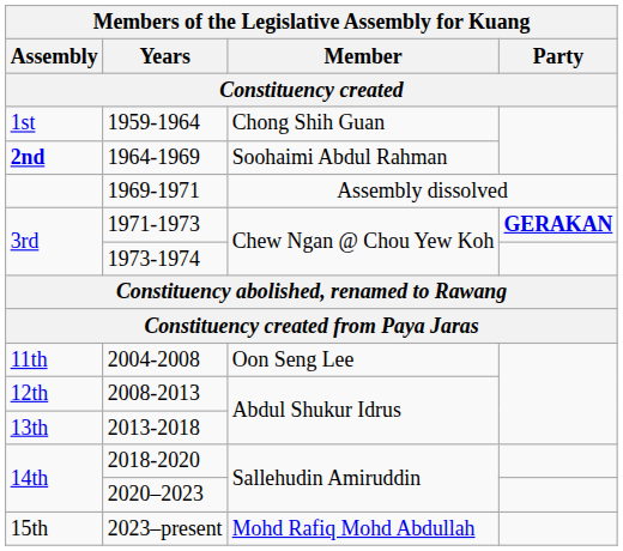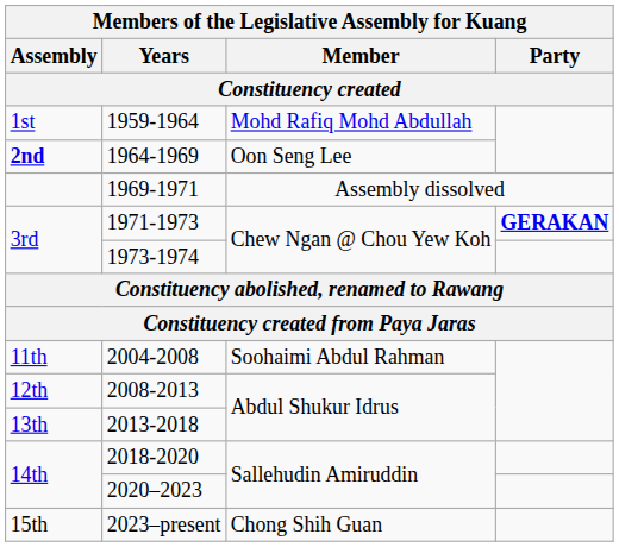 <table class=wikitable>
 <tr>
 <th colspan=4>Members of the Legislative Assembly for Kuang</th>
 </tr>
 <tr>
 <th>Assembly</th>
 <th>Years</th>
 <th>Member</th>
 <th>Party</th>
 </tr>
 <tr>
 <th colspan=4 align=center><em>Constituency created</em></th>
 </tr>
 <tr>
 <td><a href='#'>1st</a></td>
 <td>1959-1964</td>
-<td>Chong Shih Guan</td>
+<td><a href='#'>Mohd Rafiq Mohd Abdullah</a></td>
 <td rowspan=2></td>
 </tr>
 <tr>
 <td><strong><a href='#'>2nd</a></strong></td>
 <td>1964-1969</td>
-<td>Soohaimi Abdul Rahman</td>
+<td>Oon Seng Lee</td>
 </tr>
 <tr>
 <td></td>
 <td>1969-1971</td>
 <td colspan=2 align=center>Assembly dissolved</td>
 </tr>
 <tr>
 <td rowspan=2><a href='#'>3rd</a></td>
 <td>1971-1973</td>
 <td rowspan=2>Chew Ngan @ Chou Yew Koh</td>
 <td><strong><a href='#'>GERAKAN</a></strong></td>
 </tr>
 <tr>
 <td>1973-1974</td>
 <td></td>
 </tr>
 <tr>
 <th colspan=4 align=center><em>Constituency abolished, renamed to Rawang</em></th>
 </tr>
 <tr>
 <th colspan=4 align=center><em>Constituency created from Paya Jaras</em></th>
 </tr>
 <tr>
 <td><a href='#'>11th</a></td>
 <td>2004-2008</td>
-<td>Oon Seng Lee</td>
+<td>Soohaimi Abdul Rahman</td>
 <td rowspan=3></td>
 </tr>
 <tr>
 <td><a href='#'>12th</a></td>
 <td>2008-2013</td>
 <td rowspan=2>Abdul Shukur Idrus</td>
 </tr>
 <tr>
 <td><a href='#'>13th</a></td>
 <td>2013-2018</td>
 </tr>
 <tr>
 <td rowspan="2"><a href='#'>14th</a></td>
 <td>2018-2020</td>
 <td rowspan="2">Sallehudin Amiruddin</td>
 <td></td>
 </tr>
 <tr>
 <td>2020–2023</td>
 <td></td>
 </tr>
 <tr>
 <td>15th</td>
 <td>2023–present</td>
-<td><a href='#'>Mohd Rafiq Mohd Abdullah</a></td>
+<td>Chong Shih Guan</td>
 <td></td>
 </tr>
 </table>
